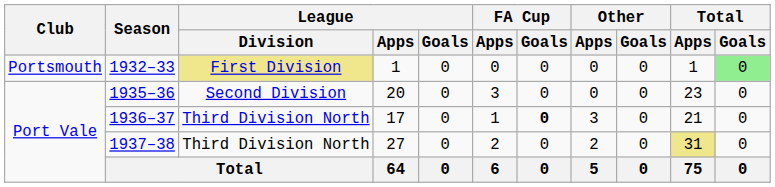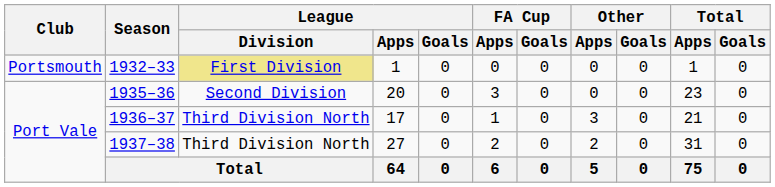 <table class="wikitable" style="text-align: center;">
 <tr>
 <th rowspan="2">Club</th>
 <th rowspan="2">Season</th>
 <th colspan="3">League</th>
 <th colspan="2">FA Cup</th>
 <th colspan="2">Other</th>
 <th colspan="2">Total</th>
 </tr>
 <tr>
 <th>Division</th>
 <th>Apps</th>
 <th>Goals</th>
 <th>Apps</th>
 <th>Goals</th>
 <th>Apps</th>
 <th>Goals</th>
 <th>Apps</th>
 <th>Goals</th>
 </tr>
 <tr>
 <td><a href='#'>Portsmouth</a></td>
 <td><a href='#'>1932–33</a></td>
 <td style="background: khaki;"><a href='#'>First Division</a></td>
 <td>1</td>
 <td>0</td>
 <td>0</td>
 <td>0</td>
 <td>0</td>
 <td>0</td>
 <td>1</td>
-<td style="background: lightgreen;">0</td>
+<td>0</td>
 </tr>
 <tr>
 <td rowspan="4"><a href='#'>Port Vale</a></td>
 <td><a href='#'>1935–36</a></td>
 <td><a href='#'>Second Division</a></td>
 <td>20</td>
 <td>0</td>
 <td>3</td>
 <td>0</td>
 <td>0</td>
 <td>0</td>
 <td>23</td>
 <td>0</td>
 </tr>
 <tr>
 <td><a href='#'>1936–37</a></td>
 <td><a href='#'>Third Division North</a></td>
 <td>17</td>
 <td>0</td>
 <td>1</td>
-<td><strong>0</strong></td>
+<td>0</td>
 <td>3</td>
 <td>0</td>
 <td>21</td>
 <td>0</td>
 </tr>
 <tr>
 <td><a href='#'>1937–38</a></td>
 <td>Third Division North</td>
 <td>27</td>
 <td>0</td>
 <td>2</td>
 <td>0</td>
 <td>2</td>
 <td>0</td>
-<td style="background: khaki;">31</td>
+<td>31</td>
 <td>0</td>
 </tr>
 <tr>
 <th colspan="2">Total</th>
 <th>64</th>
 <th>0</th>
 <th>6</th>
 <th>0</th>
 <th>5</th>
 <th>0</th>
 <th>75</th>
 <th>0</th>
 </tr>
 </table>
